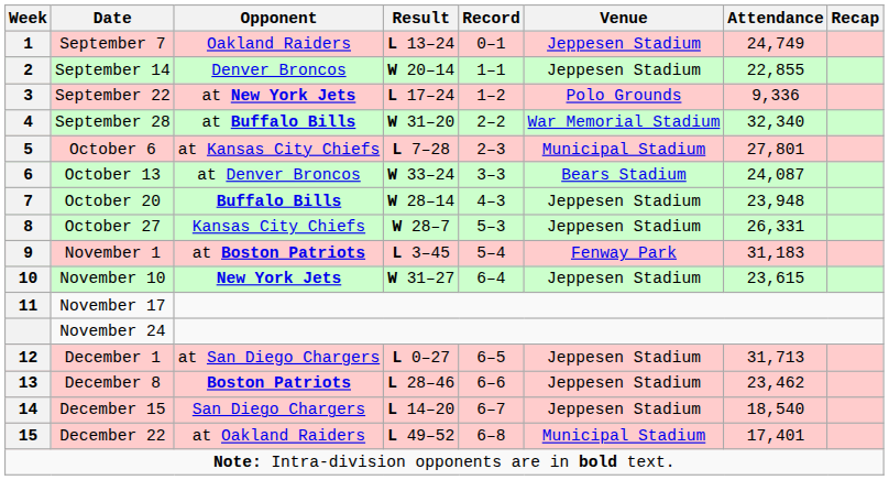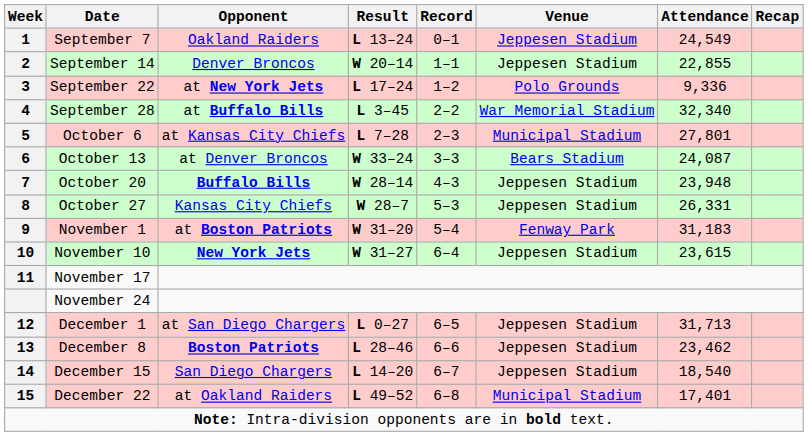 <table class="wikitable" style="text-align:center">
 <tr>
 <th>Week</th>
 <th>Date</th>
 <th>Opponent</th>
 <th>Result</th>
 <th>Record</th>
 <th>Venue</th>
 <th>Attendance</th>
 <th>Recap</th>
 </tr>
 <tr style="background:#fcc">
 <th>1</th>
 <td>September 7</td>
 <td><a href='#'>Oakland Raiders</a></td>
 <td><strong>L</strong> 13–24</td>
 <td>0–1</td>
 <td><a href='#'>Jeppesen Stadium</a></td>
-<td>24,749</td>
+<td>24,549</td>
 <td></td>
 </tr>
 <tr style="background:#cfc">
 <th>2</th>
 <td>September 14</td>
 <td><a href='#'>Denver Broncos</a></td>
 <td><strong>W</strong> 20–14</td>
 <td>1–1</td>
 <td>Jeppesen Stadium</td>
 <td>22,855</td>
 <td></td>
 </tr>
 <tr style="background:#fcc">
 <th>3</th>
 <td>September 22</td>
 <td>at <strong><a href='#'>New York Jets</a></strong></td>
 <td><strong>L</strong> 17–24</td>
 <td>1–2</td>
 <td><a href='#'>Polo Grounds</a></td>
 <td>9,336</td>
 <td></td>
 </tr>
 <tr style="background:#cfc">
 <th>4</th>
 <td>September 28</td>
 <td>at <strong><a href='#'>Buffalo Bills</a></strong></td>
-<td><strong>W</strong> 31–20</td>
+<td><strong>L</strong> 3–45</td>
 <td>2–2</td>
 <td><a href='#'>War Memorial Stadium</a></td>
 <td>32,340</td>
 <td></td>
 </tr>
 <tr style="background:#fcc">
 <th>5</th>
 <td>October 6</td>
 <td>at <a href='#'>Kansas City Chiefs</a></td>
 <td><strong>L</strong> 7–28</td>
 <td>2–3</td>
 <td><a href='#'>Municipal Stadium</a></td>
 <td>27,801</td>
 <td></td>
 </tr>
 <tr style="background:#cfc">
 <th>6</th>
 <td>October 13</td>
 <td>at <a href='#'>Denver Broncos</a></td>
 <td><strong>W</strong> 33–24</td>
 <td>3–3</td>
 <td><a href='#'>Bears Stadium</a></td>
 <td>24,087</td>
 <td></td>
 </tr>
 <tr style="background:#cfc">
 <th>7</th>
 <td>October 20</td>
 <td><strong><a href='#'>Buffalo Bills</a></strong></td>
 <td><strong>W</strong> 28–14</td>
 <td>4–3</td>
 <td>Jeppesen Stadium</td>
 <td>23,948</td>
 <td></td>
 </tr>
 <tr style="background:#cfc">
 <th>8</th>
 <td>October 27</td>
 <td><a href='#'>Kansas City Chiefs</a></td>
 <td><strong>W</strong> 28–7</td>
 <td>5–3</td>
 <td>Jeppesen Stadium</td>
 <td>26,331</td>
 <td></td>
 </tr>
 <tr style="background:#fcc">
 <th>9</th>
 <td>November 1</td>
 <td>at <strong><a href='#'>Boston Patriots</a></strong></td>
-<td><strong>L</strong> 3–45</td>
+<td><strong>W</strong> 31–20</td>
 <td>5–4</td>
 <td><a href='#'>Fenway Park</a></td>
 <td>31,183</td>
 <td></td>
 </tr>
 <tr style="background:#cfc">
 <th>10</th>
 <td>November 10</td>
 <td><strong><a href='#'>New York Jets</a></strong></td>
 <td><strong>W</strong> 31–27</td>
 <td>6–4</td>
 <td>Jeppesen Stadium</td>
 <td>23,615</td>
 <td></td>
 </tr>
 <tr>
 <th>11</th>
 <td>November 17</td>
 <td colspan="7"></td>
 </tr>
 <tr>
 <th align=center></th>
 <td>November 24</td>
 <td colspan="7"></td>
 </tr>
 <tr style="background:#fcc">
 <th>12</th>
 <td>December 1</td>
 <td>at <a href='#'>San Diego Chargers</a></td>
 <td><strong>L</strong> 0–27</td>
 <td>6–5</td>
 <td>Jeppesen Stadium</td>
 <td>31,713</td>
 <td></td>
 </tr>
 <tr style="background:#fcc">
 <th>13</th>
 <td>December 8</td>
 <td><strong><a href='#'>Boston Patriots</a></strong></td>
 <td><strong>L</strong> 28–46</td>
 <td>6–6</td>
 <td>Jeppesen Stadium</td>
 <td>23,462</td>
 <td></td>
 </tr>
 <tr style="background:#fcc">
 <th>14</th>
 <td>December 15</td>
 <td><a href='#'>San Diego Chargers</a></td>
 <td><strong>L</strong> 14–20</td>
 <td>6–7</td>
 <td>Jeppesen Stadium</td>
 <td>18,540</td>
 <td></td>
 </tr>
 <tr style="background:#fcc">
 <th>15</th>
 <td>December 22</td>
 <td>at <a href='#'>Oakland Raiders</a></td>
 <td><strong>L</strong> 49–52</td>
 <td>6–8</td>
 <td><a href='#'>Municipal Stadium</a></td>
 <td>17,401</td>
 <td></td>
 </tr>
 <tr>
 <td colspan="8"><strong>Note:</strong> Intra-division opponents are in <strong>bold</strong> text.</td>
 </tr>
 </table>
